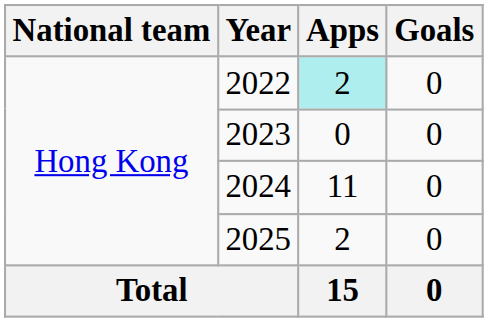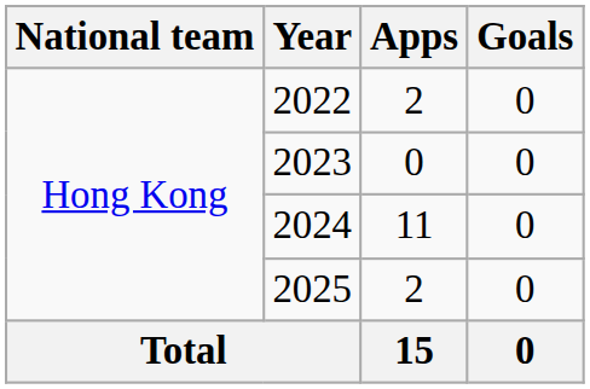 <table class="wikitable" style="text-align:center">
 <tr>
 <th>National team</th>
 <th>Year</th>
 <th>Apps</th>
 <th>Goals</th>
 </tr>
 <tr>
 <td rowspan=4><a href='#'>Hong Kong</a></td>
 <td>2022</td>
-<td style="background: paleturquoise;">2</td>
+<td>2</td>
 <td>0</td>
 </tr>
 <tr>
 <td>2023</td>
 <td>0</td>
 <td>0</td>
 </tr>
 <tr>
 <td>2024</td>
 <td>11</td>
 <td>0</td>
 </tr>
 <tr>
 <td>2025</td>
 <td>2</td>
 <td>0</td>
 </tr>
 <tr>
 <th colspan=2>Total</th>
 <th>15</th>
 <th>0</th>
 </tr>
 </table>
